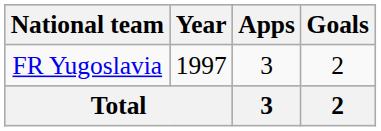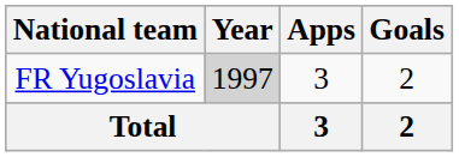 <table class="wikitable" style="text-align:center">
 <tr>
 <th>National team</th>
 <th>Year</th>
 <th>Apps</th>
 <th>Goals</th>
 </tr>
 <tr>
 <td><a href='#'>FR Yugoslavia</a></td>
-<td>1997</td>
+<td style="background: lightgrey;">1997</td>
 <td>3</td>
 <td>2</td>
 </tr>
 <tr>
 <th colspan="2">Total</th>
 <th>3</th>
 <th>2</th>
 </tr>
 </table>
